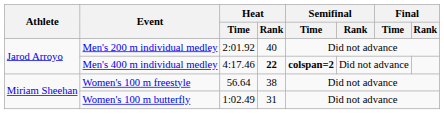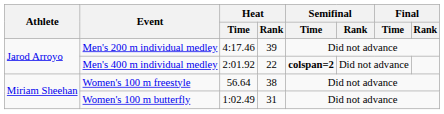 <table class=wikitable style=font-size:90%;text-align:center>
 <tr>
 <th rowspan=2>Athlete</th>
 <th rowspan=2>Event</th>
 <th colspan=2>Heat</th>
 <th colspan=2>Semifinal</th>
 <th colspan=2>Final</th>
 </tr>
 <tr style=font-size:95%>
 <th>Time</th>
 <th>Rank</th>
 <th>Time</th>
 <th>Rank</th>
 <th>Time</th>
 <th>Rank</th>
 </tr>
 <tr align=center>
 <td align=left rowspan=2><a href='#'>Jarod Arroyo</a></td>
 <td align=left><a href='#'>Men's 200 m individual medley</a></td>
-<td>2:01.92</td>
-<td>40</td>
+<td>4:17.46</td>
+<td>39</td>
 <td colspan="4">Did not advance</td>
 </tr>
 <tr align=center>
 <td align=left><a href='#'>Men's 400 m individual medley</a></td>
-<td>4:17.46</td>
-<td><strong>22</strong></td>
+<td>2:01.92</td>
+<td>22</td>
 <td><strong>colspan=2 </strong></td>
 <td colspan="2">Did not advance</td>
 </tr>
 <tr align=center>
 <td align=left rowspan=2><a href='#'>Miriam Sheehan</a></td>
 <td align=left><a href='#'>Women's 100 m freestyle</a></td>
 <td>56.64</td>
 <td>38</td>
 <td colspan="4">Did not advance</td>
 </tr>
 <tr align=center>
 <td align=left><a href='#'>Women's 100 m butterfly</a></td>
 <td>1:02.49</td>
 <td>31</td>
 <td colspan="4">Did not advance</td>
 </tr>
 </table>
